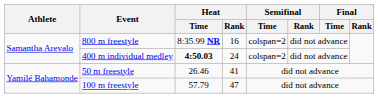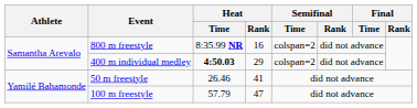 <table class=wikitable style="font-size:90%">
 <tr>
 <th rowspan="2">Athlete</th>
 <th rowspan="2">Event</th>
 <th colspan="2">Heat</th>
 <th colspan="2">Semifinal</th>
 <th colspan="2">Final</th>
 </tr>
 <tr style="font-size:95%">
 <th>Time</th>
 <th>Rank</th>
 <th>Time</th>
 <th>Rank</th>
 <th>Time</th>
 <th>Rank</th>
 </tr>
 <tr align=center>
 <td align=left rowspan=2><a href='#'>Samantha Arevalo</a></td>
 <td align=left><a href='#'>800 m freestyle</a></td>
 <td>8:35.99 <strong><a href='#'>NR</a></strong></td>
 <td>16</td>
 <td>colspan=2 </td>
 <td colspan=2>did not advance</td>
 </tr>
 <tr align=center>
 <td align=left><a href='#'>400 m individual medley</a></td>
 <td><strong>4:50.03</strong></td>
-<td>24</td>
+<td>29</td>
 <td>colspan=2 </td>
 <td colspan=2>did not advance</td>
 </tr>
 <tr align=center>
 <td align=left rowspan=2><a href='#'>Yamilé Bahamonde</a></td>
 <td align=left><a href='#'>50 m freestyle</a></td>
 <td>26.46</td>
 <td>41</td>
 <td colspan=4>did not advance</td>
 </tr>
 <tr align=center>
 <td align=left><a href='#'>100 m freestyle</a></td>
 <td>57.79</td>
 <td>47</td>
 <td colspan=4>did not advance</td>
 </tr>
 </table>
